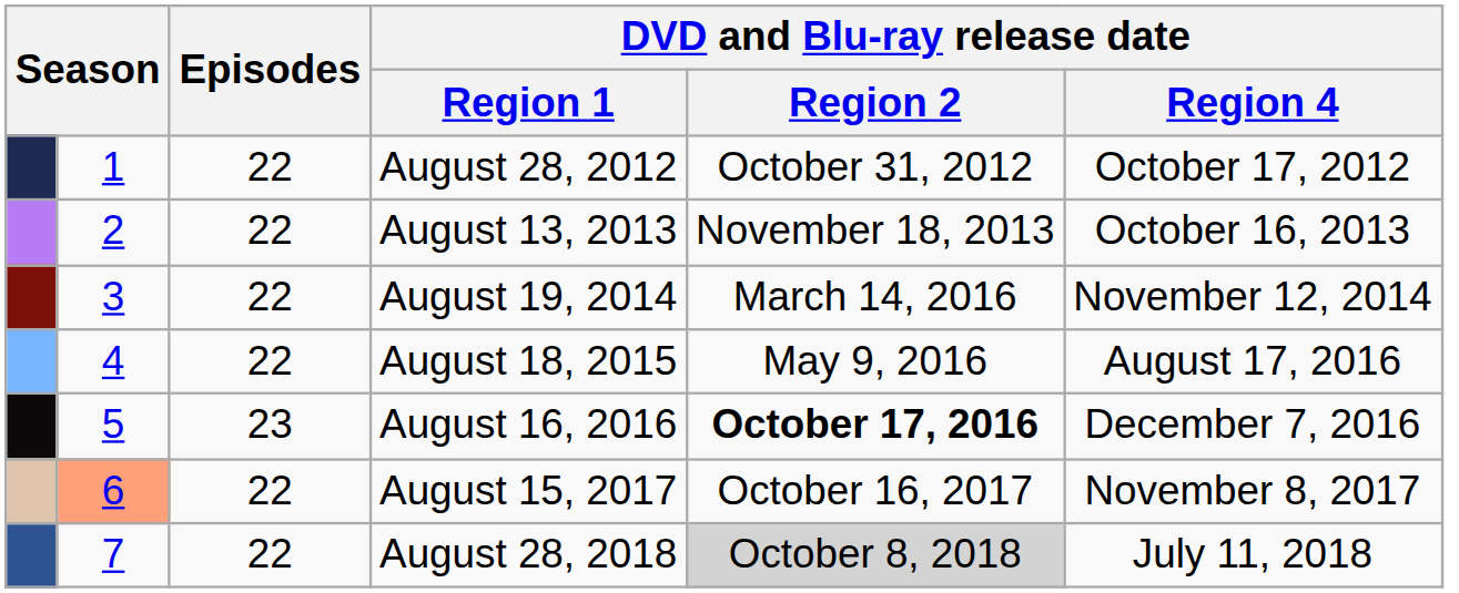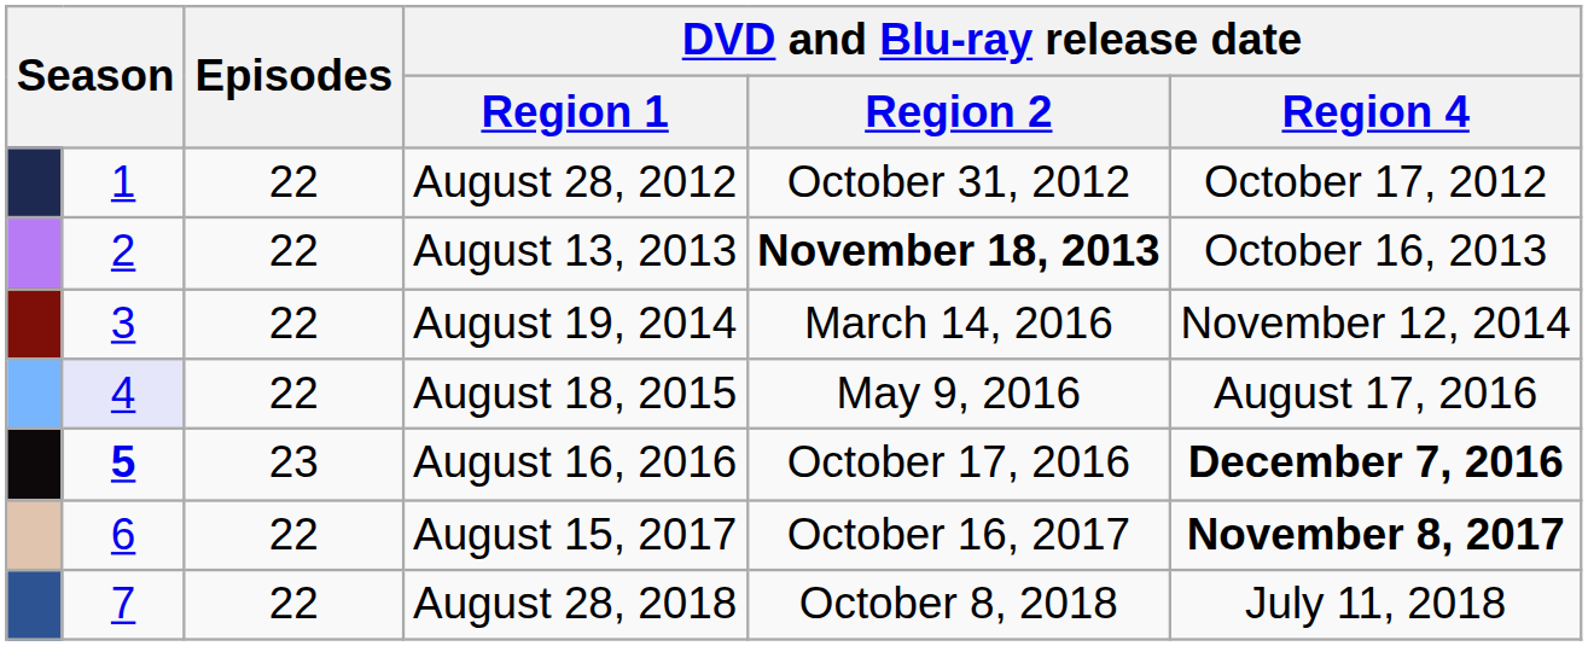 <table class="wikitable" style="text-align:center;">
 <tr>
 <th colspan="2" rowspan="2">Season</th>
 <th rowspan="2">Episodes</th>
 <th colspan="3"><a href='#'>DVD</a> and <a href='#'>Blu-ray</a> release date</th>
 </tr>
 <tr>
 <th><a href='#'>Region 1</a></th>
 <th><a href='#'>Region 2</a></th>
 <th><a href='#'>Region 4</a></th>
 </tr>
 <tr>
 <td style="background:#1D2951"></td>
 <td><a href='#'>1</a></td>
 <td>22</td>
 <td>August 28, 2012</td>
 <td>October 31, 2012</td>
 <td>October 17, 2012</td>
 </tr>
 <tr>
 <td style="background:#B87BF6"></td>
 <td><a href='#'>2</a></td>
 <td>22</td>
 <td>August 13, 2013</td>
-<td>November 18, 2013</td>
+<td><strong>November 18, 2013</strong></td>
 <td>October 16, 2013</td>
 </tr>
 <tr>
 <td style="background:#7D0F08;"></td>
 <td><a href='#'>3</a></td>
 <td>22</td>
 <td>August 19, 2014</td>
 <td>March 14, 2016</td>
 <td>November 12, 2014</td>
 </tr>
 <tr>
 <td style="background:#77B5FE;"></td>
-<td><a href='#'>4</a></td>
+<td style="background: lavender;"><a href='#'>4</a></td>
 <td>22</td>
 <td>August 18, 2015</td>
 <td>May 9, 2016</td>
 <td>August 17, 2016</td>
 </tr>
 <tr>
 <td style="background:#0D090A;"></td>
-<td><a href='#'>5</a></td>
+<td><strong><a href='#'>5</a></strong></td>
 <td>23</td>
 <td>August 16, 2016</td>
-<td><strong>October 17, 2016</strong></td>
-<td>December 7, 2016</td>
+<td>October 17, 2016</td>
+<td><strong>December 7, 2016</strong></td>
 </tr>
 <tr>
 <td style="background:#E0C4AD;"></td>
-<td style="background: lightsalmon;"><a href='#'>6</a></td>
+<td><a href='#'>6</a></td>
 <td>22</td>
 <td>August 15, 2017</td>
 <td>October 16, 2017</td>
-<td>November 8, 2017</td>
+<td><strong>November 8, 2017</strong></td>
 </tr>
 <tr>
 <td style="background:#2E5392;"></td>
 <td><a href='#'>7</a></td>
 <td>22</td>
 <td>August 28, 2018</td>
-<td style="background: lightgrey;">October 8, 2018</td>
+<td>October 8, 2018</td>
 <td>July 11, 2018</td>
 </tr>
 </table>
